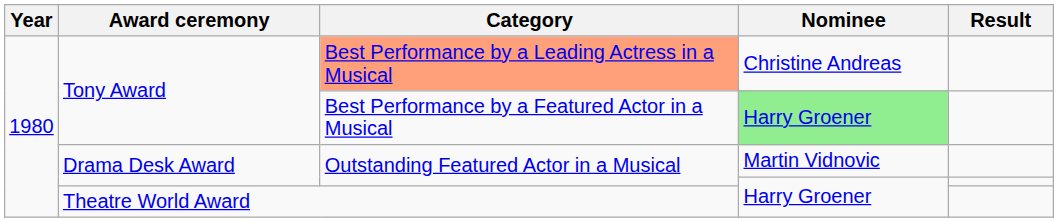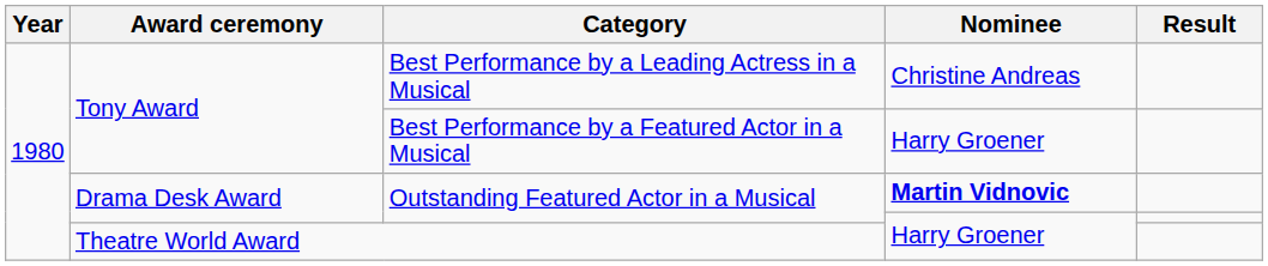 <table class="wikitable" width="95%">
 <tr>
 <th width="5%">Year</th>
 <th width="25%">Award ceremony</th>
 <th width="40%">Category</th>
 <th width="20%">Nominee</th>
 <th width="10%">Result</th>
 </tr>
 <tr>
 <td rowspan=5 align="center"><a href='#'>1980</a></td>
 <td rowspan=2><a href='#'>Tony Award</a></td>
-<td style="background: lightsalmon;"><a href='#'>Best Performance by a Leading Actress in a Musical</a></td>
+<td><a href='#'>Best Performance by a Leading Actress in a Musical</a></td>
 <td><a href='#'>Christine Andreas</a></td>
 <td></td>
 </tr>
 <tr>
 <td><a href='#'>Best Performance by a Featured Actor in a Musical</a></td>
-<td style="background: lightgreen;"><a href='#'>Harry Groener</a></td>
+<td><a href='#'>Harry Groener</a></td>
 <td></td>
 </tr>
 <tr>
 <td rowspan=2><a href='#'>Drama Desk Award</a></td>
 <td rowspan=2><a href='#'>Outstanding Featured Actor in a Musical</a></td>
-<td><a href='#'>Martin Vidnovic</a></td>
+<td><strong><a href='#'>Martin Vidnovic</a></strong></td>
 <td></td>
 </tr>
 <tr>
 <td rowspan=2><a href='#'>Harry Groener</a></td>
 <td></td>
 </tr>
 <tr>
 <td colspan=2><a href='#'>Theatre World Award</a></td>
 <td></td>
 </tr>
 </table>
